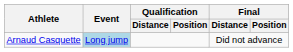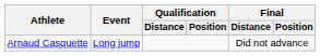 <table class=wikitable style="font-size:90%">
 <tr>
 <th rowspan="2">Athlete</th>
 <th rowspan="2">Event</th>
 <th colspan="2">Qualification</th>
 <th colspan="2">Final</th>
 </tr>
 <tr style="font-size:95%">
 <th>Distance</th>
 <th>Position</th>
 <th>Distance</th>
 <th>Position</th>
 </tr>
 <tr align=center>
 <td align=left><a href='#'>Arnaud Casquette</a></td>
-<td align=left style="background: lightblue;"><a href='#'>Long jump</a></td>
+<td align=left><a href='#'>Long jump</a></td>
 <td colspan=2></td>
 <td colspan=2>Did not advance</td>
 </tr>
 </table>
